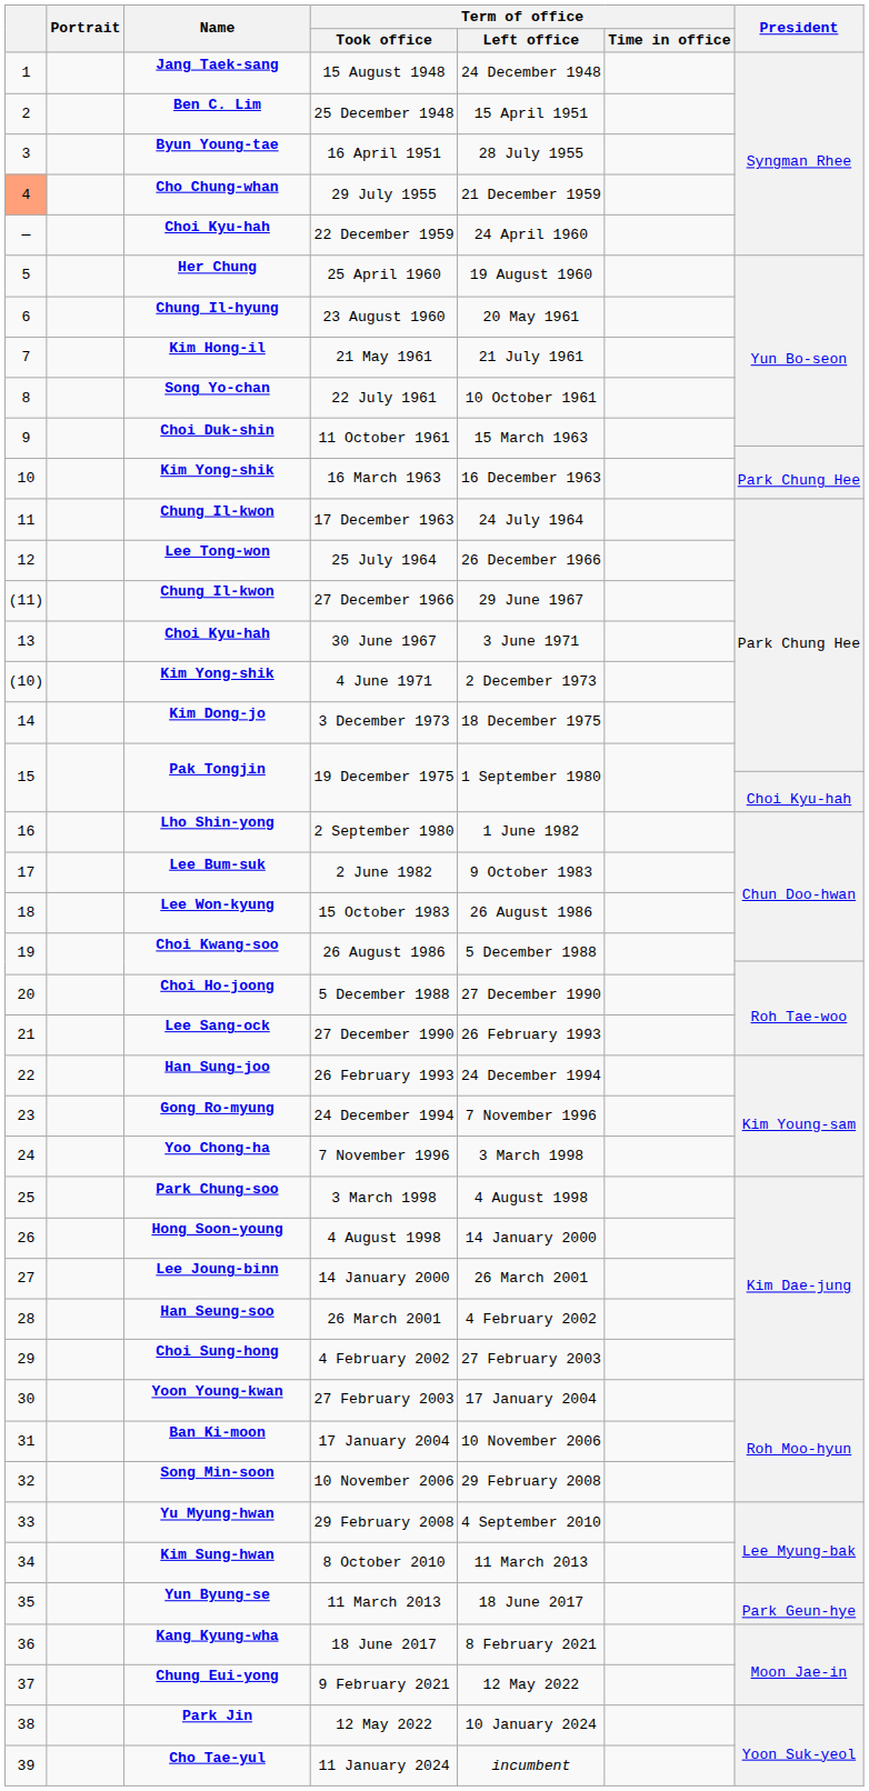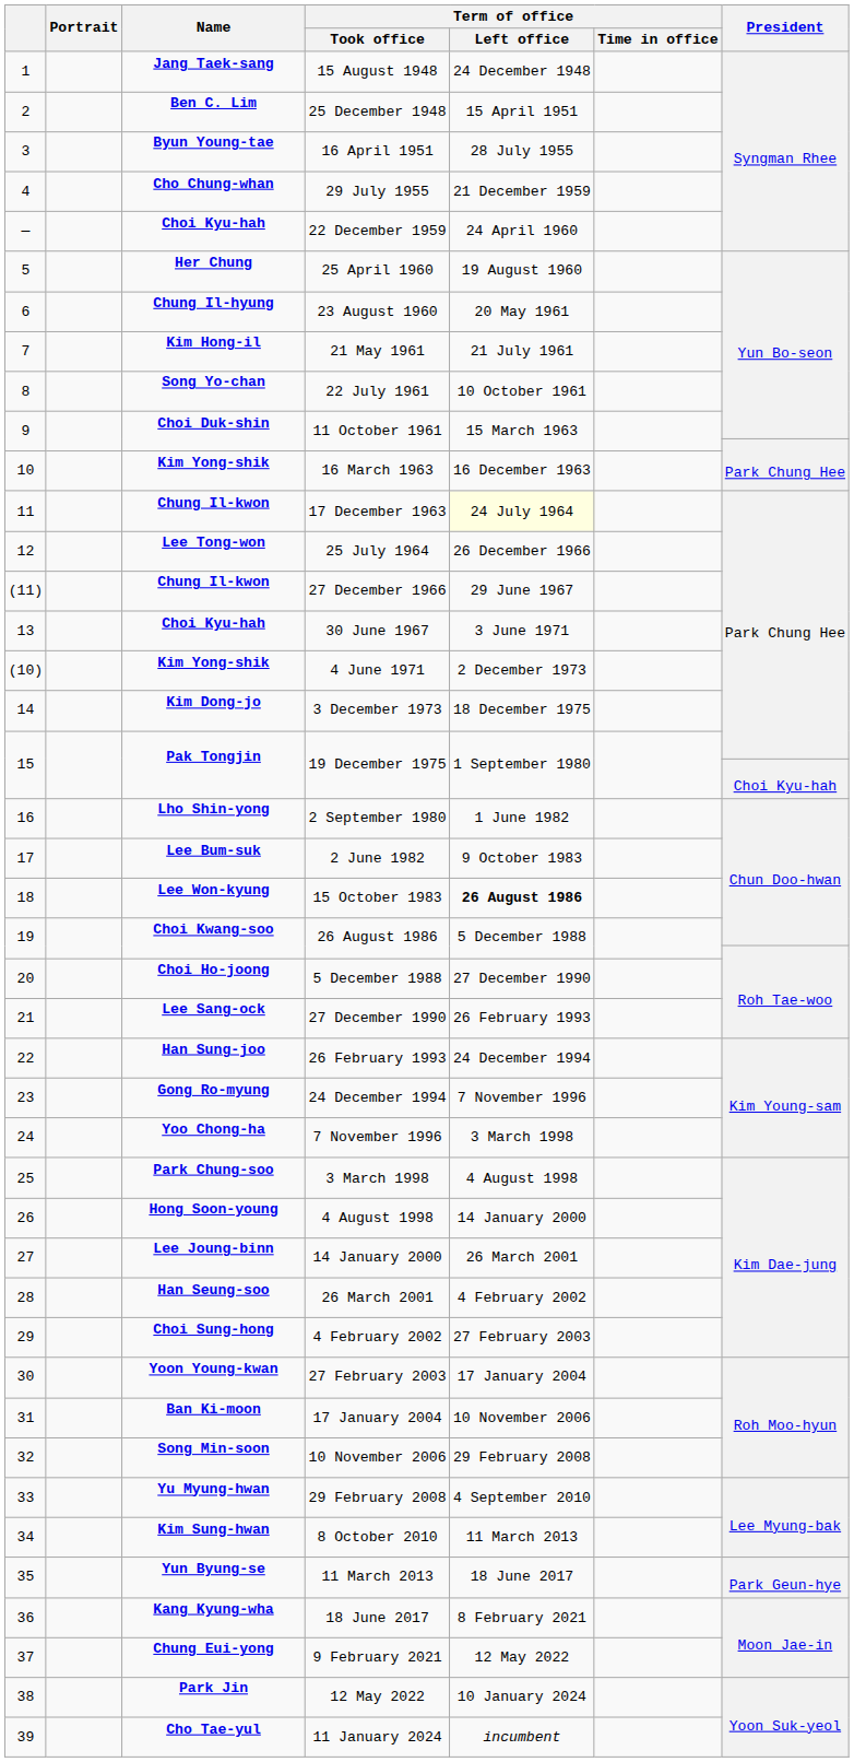 <table class="wikitable" style="text-align:center">
 <tr>
 <th rowspan="2"></th>
 <th rowspan="2">Portrait</th>
 <th rowspan="2" width="160">Name<br></th>
 <th colspan="3">Term of office</th>
 <th rowspan="2"><a href='#'>President</a></th>
 </tr>
 <tr>
 <th>Took office</th>
 <th>Left office</th>
 <th>Time in office</th>
 </tr>
 <tr>
 <td>1</td>
 <td></td>
 <td><strong><a href='#'>Jang Taek-sang</a></strong><br><br></td>
 <td>15 August 1948</td>
 <td>24 December 1948</td>
 <td></td>
 <th rowspan="5" style="font-weight:normal;"><br><a href='#'>Syngman Rhee</a></th>
 </tr>
 <tr>
 <td>2</td>
 <td></td>
 <td><strong><a href='#'>Ben C. Lim</a></strong><br><br></td>
 <td>25 December 1948</td>
 <td>15 April 1951</td>
 <td></td>
 </tr>
 <tr>
 <td>3</td>
 <td></td>
 <td><strong><a href='#'>Byun Young-tae</a></strong><br><br></td>
 <td>16 April 1951</td>
 <td>28 July 1955</td>
 <td></td>
 </tr>
 <tr>
-<td style="background: lightsalmon;">4</td>
+<td>4</td>
 <td></td>
 <td><strong><a href='#'>Cho Chung-whan</a></strong><br><br></td>
 <td>29 July 1955</td>
 <td>21 December 1959</td>
 <td></td>
 </tr>
 <tr>
 <td>—</td>
 <td></td>
 <td><strong><a href='#'>Choi Kyu-hah</a></strong><br><br></td>
 <td>22 December 1959</td>
 <td>24 April 1960</td>
 <td></td>
 </tr>
 <tr>
 <td>5</td>
 <td></td>
 <td><strong><a href='#'>Her Chung</a></strong><br><br></td>
 <td>25 April 1960</td>
 <td>19 August 1960</td>
 <td></td>
 <th rowspan="5" style="font-weight:normal;"><br><a href='#'>Yun Bo-seon</a></th>
 </tr>
 <tr>
 <td>6</td>
 <td></td>
 <td><strong><a href='#'>Chung Il-hyung</a></strong><br><br></td>
 <td>23 August 1960</td>
 <td>20 May 1961</td>
 <td></td>
 </tr>
 <tr>
 <td>7</td>
 <td></td>
 <td><strong><a href='#'>Kim Hong-il</a></strong><br><br></td>
 <td>21 May 1961</td>
 <td>21 July 1961</td>
 <td></td>
 </tr>
 <tr>
 <td>8</td>
 <td></td>
 <td><strong><a href='#'>Song Yo-chan</a></strong><br><br></td>
 <td>22 July 1961</td>
 <td>10 October 1961</td>
 <td></td>
 </tr>
 <tr style="height:25px;">
 <td rowspan="2">9</td>
 <td rowspan="2"></td>
 <td rowspan="2"><strong><a href='#'>Choi Duk-shin</a></strong><br><br></td>
 <td rowspan="2">11 October 1961</td>
 <td rowspan="2">15 March 1963</td>
 <td rowspan="2"></td>
 </tr>
 <tr>
 <th rowspan="2" style="font-weight:normal;"><br><a href='#'>Park Chung Hee</a><br></th>
 </tr>
 <tr>
 <td>10</td>
 <td></td>
 <td><strong><a href='#'>Kim Yong-shik</a></strong><br><br></td>
 <td>16 March 1963</td>
 <td>16 December 1963</td>
 <td></td>
 </tr>
 <tr>
 <td>11</td>
 <td></td>
 <td><strong><a href='#'>Chung Il-kwon</a></strong><br><br></td>
 <td>17 December 1963</td>
-<td>24 July 1964</td>
+<td style="background: lightyellow;">24 July 1964</td>
 <td></td>
 <th rowspan="7" style="font-weight:normal;"><br>Park Chung Hee</th>
 </tr>
 <tr>
 <td>12</td>
 <td></td>
 <td><strong><a href='#'>Lee Tong-won</a></strong><br><br></td>
 <td>25 July 1964</td>
 <td>26 December 1966</td>
 <td></td>
 </tr>
 <tr>
 <td>(11)</td>
 <td></td>
 <td><strong><a href='#'>Chung Il-kwon</a></strong><br><br></td>
 <td>27 December 1966</td>
 <td>29 June 1967</td>
 <td></td>
 </tr>
 <tr>
 <td>13</td>
 <td></td>
 <td><strong><a href='#'>Choi Kyu-hah</a></strong><br><br></td>
 <td>30 June 1967</td>
 <td>3 June 1971</td>
 <td></td>
 </tr>
 <tr>
 <td>(10)</td>
 <td></td>
 <td><strong><a href='#'>Kim Yong-shik</a></strong><br><br></td>
 <td>4 June 1971</td>
 <td>2 December 1973</td>
 <td></td>
 </tr>
 <tr>
 <td>14</td>
 <td></td>
 <td><strong><a href='#'>Kim Dong-jo</a></strong><br><br></td>
 <td>3 December 1973</td>
 <td>18 December 1975</td>
 <td></td>
 </tr>
 <tr style="height:25px;">
 <td rowspan="2">15</td>
 <td rowspan="2"></td>
 <td rowspan="2"><strong><a href='#'>Pak Tongjin</a></strong><br><br></td>
 <td rowspan="2">19 December 1975</td>
 <td rowspan="2">1 September 1980</td>
 <td rowspan="2"></td>
 </tr>
 <tr>
 <th style="font-weight:normal;"><br><a href='#'>Choi Kyu-hah</a></th>
 </tr>
 <tr>
 <td>16</td>
 <td></td>
 <td><strong><a href='#'>Lho Shin-yong</a></strong><br><br></td>
 <td>2 September 1980</td>
 <td>1 June 1982</td>
 <td></td>
 <th rowspan="4" style="font-weight:normal;"><br><a href='#'>Chun Doo-hwan</a></th>
 </tr>
 <tr>
 <td>17</td>
 <td></td>
 <td><strong><a href='#'>Lee Bum-suk</a></strong><br><br></td>
 <td>2 June 1982</td>
 <td>9 October 1983</td>
 <td></td>
 </tr>
 <tr>
 <td>18</td>
 <td></td>
 <td><strong><a href='#'>Lee Won-kyung</a></strong><br><br></td>
 <td>15 October 1983</td>
-<td>26 August 1986</td>
+<td><strong>26 August 1986</strong></td>
 <td></td>
 </tr>
 <tr style="height:25px;">
 <td rowspan="2">19</td>
 <td rowspan="2"></td>
 <td rowspan="2"><strong><a href='#'>Choi Kwang-soo</a></strong><br><br></td>
 <td rowspan="2">26 August 1986</td>
 <td rowspan="2">5 December 1988</td>
 <td rowspan="2"></td>
 </tr>
 <tr>
 <th rowspan="3" style="font-weight:normal;"><br><a href='#'>Roh Tae-woo</a></th>
 </tr>
 <tr>
 <td>20</td>
 <td></td>
 <td><strong><a href='#'>Choi Ho-joong</a></strong><br><br></td>
 <td>5 December 1988</td>
 <td>27 December 1990</td>
 <td></td>
 </tr>
 <tr>
 <td>21</td>
 <td></td>
 <td><strong><a href='#'>Lee Sang-ock</a></strong><br><br></td>
 <td>27 December 1990</td>
 <td>26 February 1993</td>
 <td></td>
 </tr>
 <tr>
 <td>22</td>
 <td></td>
 <td><strong><a href='#'>Han Sung-joo</a></strong><br><br></td>
 <td>26 February 1993</td>
 <td>24 December 1994</td>
 <td></td>
 <th rowspan="3" style="font-weight:normal;"><br><a href='#'>Kim Young-sam</a></th>
 </tr>
 <tr>
 <td>23</td>
 <td></td>
 <td><strong><a href='#'>Gong Ro-myung</a></strong><br><br></td>
 <td>24 December 1994</td>
 <td>7 November 1996</td>
 <td></td>
 </tr>
 <tr>
 <td>24</td>
 <td></td>
 <td><strong><a href='#'>Yoo Chong-ha</a></strong><br><br></td>
 <td>7 November 1996</td>
 <td>3 March 1998</td>
 <td></td>
 </tr>
 <tr>
 <td>25</td>
 <td></td>
 <td><strong><a href='#'>Park Chung-soo</a></strong><br><br></td>
 <td>3 March 1998</td>
 <td>4 August 1998</td>
 <td></td>
 <th rowspan="5" style="font-weight:normal;"><br><a href='#'>Kim Dae-jung</a></th>
 </tr>
 <tr>
 <td>26</td>
 <td></td>
 <td><strong><a href='#'>Hong Soon-young</a></strong><br><br></td>
 <td>4 August 1998</td>
 <td>14 January 2000</td>
 <td></td>
 </tr>
 <tr>
 <td>27</td>
 <td></td>
 <td><strong><a href='#'>Lee Joung-binn</a></strong><br><br></td>
 <td>14 January 2000</td>
 <td>26 March 2001</td>
 <td></td>
 </tr>
 <tr>
 <td>28</td>
 <td></td>
 <td><strong><a href='#'>Han Seung-soo</a></strong><br><br></td>
 <td>26 March 2001</td>
 <td>4 February 2002</td>
 <td></td>
 </tr>
 <tr>
 <td>29</td>
 <td></td>
 <td><strong><a href='#'>Choi Sung-hong</a></strong><br><br></td>
 <td>4 February 2002</td>
 <td>27 February 2003</td>
 <td></td>
 </tr>
 <tr>
 <td>30</td>
 <td></td>
 <td><strong><a href='#'>Yoon Young-kwan</a></strong><br><br></td>
 <td>27 February 2003</td>
 <td>17 January 2004</td>
 <td></td>
 <th rowspan="3" style="font-weight:normal;"><br><a href='#'>Roh Moo-hyun</a></th>
 </tr>
 <tr>
 <td>31</td>
 <td></td>
 <td><strong><a href='#'>Ban Ki-moon</a></strong><br><br></td>
 <td>17 January 2004</td>
 <td>10 November 2006</td>
 <td></td>
 </tr>
 <tr>
 <td>32</td>
 <td></td>
 <td><strong><a href='#'>Song Min-soon</a></strong><br><br></td>
 <td>10 November 2006</td>
 <td>29 February 2008</td>
 <td></td>
 </tr>
 <tr>
 <td>33</td>
 <td></td>
 <td><strong><a href='#'>Yu Myung-hwan</a></strong><br><br></td>
 <td>29 February 2008</td>
 <td>4 September 2010</td>
 <td></td>
 <th rowspan="2" style="font-weight:normal;"><br><a href='#'>Lee Myung-bak</a></th>
 </tr>
 <tr>
 <td>34</td>
 <td></td>
 <td><strong><a href='#'>Kim Sung-hwan</a></strong><br><br></td>
 <td>8 October 2010</td>
 <td>11 March 2013</td>
 <td></td>
 </tr>
 <tr>
 <td>35</td>
 <td></td>
 <td><strong><a href='#'>Yun Byung-se</a></strong><br><br></td>
 <td>11 March 2013</td>
 <td>18 June 2017</td>
 <td></td>
 <th style="font-weight:normal;"><br><a href='#'>Park Geun-hye</a></th>
 </tr>
 <tr>
 <td>36</td>
 <td></td>
 <td><strong><a href='#'>Kang Kyung-wha</a></strong><br><br></td>
 <td>18 June 2017</td>
 <td>8 February 2021</td>
 <td></td>
 <th rowspan="2" style="font-weight:normal;"><br><a href='#'>Moon Jae-in</a></th>
 </tr>
 <tr>
 <td>37</td>
 <td></td>
 <td><strong><a href='#'>Chung Eui-yong</a></strong><br><br></td>
 <td>9 February 2021</td>
 <td>12 May 2022</td>
 <td></td>
 </tr>
 <tr>
 <td>38</td>
 <td></td>
 <td><strong><a href='#'>Park Jin</a></strong><br><br></td>
 <td>12 May 2022</td>
 <td>10 January 2024</td>
 <td></td>
 <th rowspan = "2" style="font-weight:normal;"><br><a href='#'>Yoon Suk-yeol</a></th>
 </tr>
 <tr>
 <td>39</td>
 <td></td>
 <td><strong><a href='#'>Cho Tae-yul</a></strong><br><br></td>
 <td>11 January 2024</td>
 <td><em>incumbent</em></td>
 <td></td>
 </tr>
 </table>
